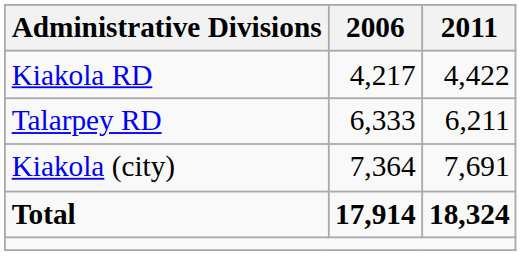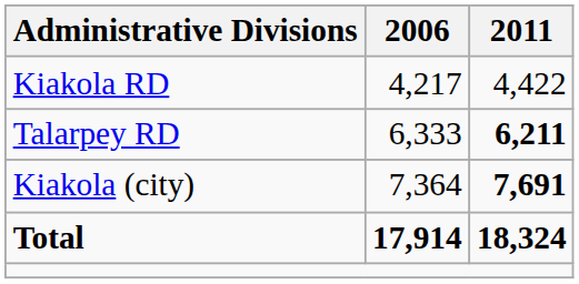 <table class="wikitable">
 <tr>
 <th>Administrative Divisions</th>
 <th>2006</th>
 <th>2011</th>
 </tr>
 <tr>
 <td><a href='#'>Kiakola RD</a></td>
 <td style="text-align: right;">4,217</td>
 <td style="text-align: right;">4,422</td>
 </tr>
 <tr>
 <td><a href='#'>Talarpey RD</a></td>
 <td style="text-align: right;">6,333</td>
-<td style="text-align: right;">6,211</td>
+<td style="text-align: right;"><strong>6,211</strong></td>
 </tr>
 <tr>
 <td><a href='#'>Kiakola</a> (city)</td>
 <td style="text-align: right;">7,364</td>
-<td style="text-align: right;">7,691</td>
+<td style="text-align: right;"><strong>7,691</strong></td>
 </tr>
 <tr>
 <td><strong>Total</strong></td>
 <td style="text-align: right;"><strong>17,914</strong></td>
 <td style="text-align: right;"><strong>18,324</strong></td>
 </tr>
 <tr>
 <td colspan=3></td>
 </tr>
 </table>
